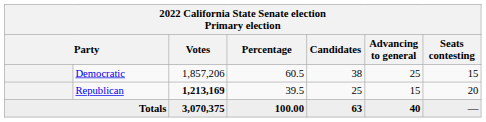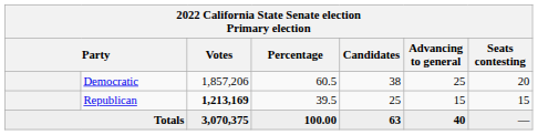 <table class="wikitable" style=" font-size:95%;">
 <tr>
 <th colspan="7">2022 California State Senate election<br>Primary election</th>
 </tr>
 <tr>
 <th colspan=2 style="width: 15em">Party</th>
 <th style="width: 5em">Votes</th>
 <th style="width: 7em">Percentage</th>
 <th style="width: 5em">Candidates</th>
 <th style="width: 5em">Advancing to general</th>
 <th style="width: 5em">Seats contesting</th>
 </tr>
 <tr>
 <th style="background:"></th>
 <td style="width: 130px"><a href='#'>Democratic</a></td>
 <td style="text-align:right;">1,857,206</td>
 <td style="text-align:right;">60.5</td>
 <td style="text-align:right;">38</td>
 <td style="text-align:right;">25</td>
-<td style="text-align:right;">15</td>
+<td style="text-align:right;">20</td>
 </tr>
 <tr>
 <th style="background:"></th>
 <td style="width: 130px"><a href='#'>Republican</a></td>
 <td style="text-align:right;"><strong>1,213,169</strong></td>
 <td style="text-align:right;">39.5</td>
 <td style="text-align:right;">25</td>
 <td style="text-align:right;">15</td>
-<td style="text-align:right;">20</td>
+<td style="text-align:right;">15</td>
 </tr>
 <tr style="background:#eee; text-align:right;">
 <td colspan="2"><strong>Totals</strong></td>
 <td><strong>3,070,375</strong></td>
 <td><strong>100.00</strong></td>
 <td><strong>63</strong></td>
 <td><strong>40</strong></td>
 <td><strong>—</strong></td>
 </tr>
 </table>
